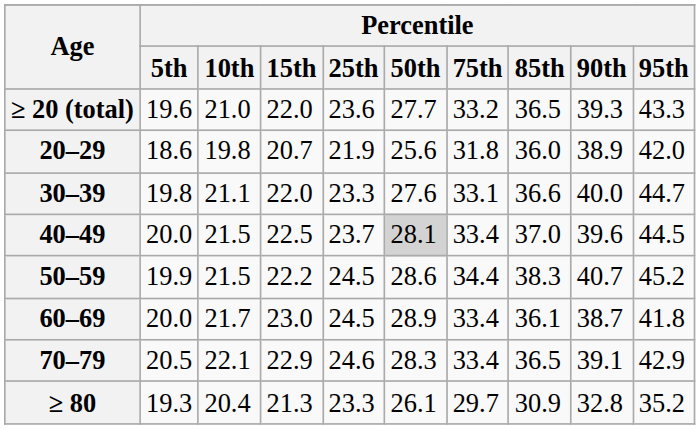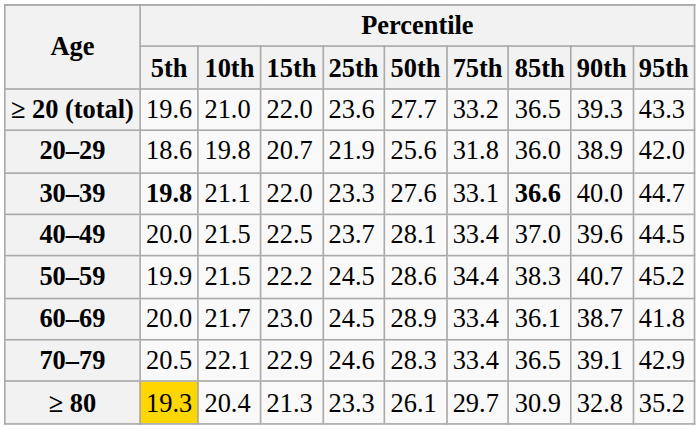 <table class="wikitable plainrowheaders">
 <tr>
 </tr>
 <tr>
 <th scope="col" rowspan="2">Age</th>
 <th scope="colgroup" colspan="9">Percentile</th>
 </tr>
 <tr>
 <th scope="col">5th</th>
 <th scope="col">10th</th>
 <th scope="col">15th</th>
 <th scope="col">25th</th>
 <th scope="col">50th</th>
 <th scope="col">75th</th>
 <th scope="col">85th</th>
 <th scope="col">90th</th>
 <th scope="col">95th</th>
 </tr>
 <tr>
 <th scope="row" style="text-align:center">≥ 20 (total)</th>
 <td>19.6</td>
 <td>21.0</td>
 <td>22.0</td>
 <td>23.6</td>
 <td>27.7</td>
 <td>33.2</td>
 <td>36.5</td>
 <td>39.3</td>
 <td>43.3</td>
 </tr>
 <tr>
 <th scope="row" style="text-align:center" class="nowrap">20–29</th>
 <td>18.6</td>
 <td>19.8</td>
 <td>20.7</td>
 <td>21.9</td>
 <td>25.6</td>
 <td>31.8</td>
 <td>36.0</td>
 <td>38.9</td>
 <td>42.0</td>
 </tr>
 <tr>
 <th scope="row" style="text-align:center">30–39</th>
-<td>19.8</td>
+<td><strong>19.8</strong></td>
 <td>21.1</td>
 <td>22.0</td>
 <td>23.3</td>
 <td>27.6</td>
 <td>33.1</td>
-<td>36.6</td>
+<td><strong>36.6</strong></td>
 <td>40.0</td>
 <td>44.7</td>
 </tr>
 <tr>
 <th scope="row" style="text-align:center">40–49</th>
 <td>20.0</td>
 <td>21.5</td>
 <td>22.5</td>
 <td>23.7</td>
-<td style="background: lightgrey;">28.1</td>
+<td>28.1</td>
 <td>33.4</td>
 <td>37.0</td>
 <td>39.6</td>
 <td>44.5</td>
 </tr>
 <tr>
 <th scope="row" style="text-align:center">50–59</th>
 <td>19.9</td>
 <td>21.5</td>
 <td>22.2</td>
 <td>24.5</td>
 <td>28.6</td>
 <td>34.4</td>
 <td>38.3</td>
 <td>40.7</td>
 <td>45.2</td>
 </tr>
 <tr>
 <th scope="row" style="text-align:center">60–69</th>
 <td>20.0</td>
 <td>21.7</td>
 <td>23.0</td>
 <td>24.5</td>
 <td>28.9</td>
 <td>33.4</td>
 <td>36.1</td>
 <td>38.7</td>
 <td>41.8</td>
 </tr>
 <tr>
 <th scope="row" style="text-align:center">70–79</th>
 <td>20.5</td>
 <td>22.1</td>
 <td>22.9</td>
 <td>24.6</td>
 <td>28.3</td>
 <td>33.4</td>
 <td>36.5</td>
 <td>39.1</td>
 <td>42.9</td>
 </tr>
 <tr>
 <th scope="row" style="text-align:center">≥ 80</th>
-<td>19.3</td>
+<td style="background: gold;">19.3</td>
 <td>20.4</td>
 <td>21.3</td>
 <td>23.3</td>
 <td>26.1</td>
 <td>29.7</td>
 <td>30.9</td>
 <td>32.8</td>
 <td>35.2</td>
 </tr>
 </table>
